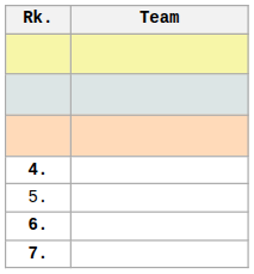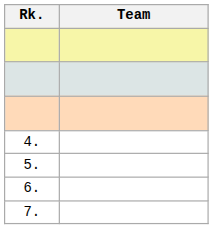 <table class="wikitable" style="border:1px solid #AAAAAA;font-size:90%">
 <tr bgcolor="#E4E4E4">
 <th style="border-bottom:1px solid #AAAAAA" width=40>Rk.</th>
 <th style="border-bottom:1px solid #AAAAAA" width=120>Team</th>
 </tr>
 <tr bgcolor="#F7F6A8">
 <td align="center" style="height:23px"></td>
 <td><strong></strong></td>
 </tr>
 <tr bgcolor="#DCE5E5">
 <td align="center" style="height:23px"></td>
 <td></td>
 </tr>
 <tr bgcolor="#FFDAB9">
 <td align="center" style="height:23px"></td>
 <td></td>
 </tr>
 <tr style="background:#ffffff;">
-<td align="center"><strong>4.</strong></td>
+<td align="center">4.</td>
 <td></td>
 </tr>
 <tr style="background:#ffffff;">
 <td align="center">5.</td>
 <td></td>
 </tr>
 <tr style="background:#ffffff;">
-<td align="center"><strong>6.</strong></td>
+<td align="center">6.</td>
 <td></td>
 </tr>
 <tr style="background:#ffffff;">
-<td align="center"><strong>7.</strong></td>
+<td align="center">7.</td>
 <td></td>
 </tr>
 </table>
